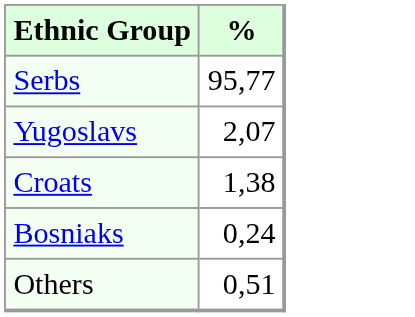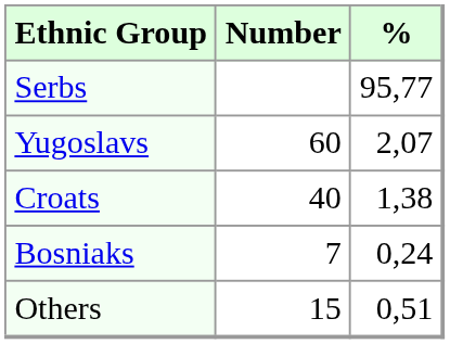 <table border="1" cellpadding="4" cellspacing="0" class="toccolours" style="align:left; margin:0.5em 0 0; border-style:solid; border:1px solid #999; border-right-width:2px; border-bottom-width:2px; border-collapse:collapse; font-size:100%;">
 <tr style="background:#dfd;">
 <td><strong>Ethnic Group</strong></td>
+<td style="text-align:center;"><strong>Number</strong></td>
 <td style="text-align:center;"><strong>%</strong></td>
 </tr>
 <tr>
 <td style="background:#f3fff3;"><a href='#'>Serbs</a></td>
+<td style="text-align:right;"></td>
 <td style="text-align:right;">95,77</td>
 </tr>
 <tr>
 <td style="background:#f3fff3;"><a href='#'>Yugoslavs</a></td>
+<td style="text-align:right;">60</td>
 <td style="text-align:right;">2,07</td>
 </tr>
 <tr>
 <td style="background:#f3fff3;"><a href='#'>Croats</a></td>
+<td style="text-align:right;">40</td>
 <td style="text-align:right;">1,38</td>
 </tr>
 <tr>
 <td style="background:#f3fff3;"><a href='#'>Bosniaks</a></td>
+<td style="text-align:right;">7</td>
 <td style="text-align:right;">0,24</td>
 </tr>
 <tr>
 <td style="background:#f3fff3;">Others</td>
+<td style="text-align:right;">15</td>
 <td style="text-align:right;">0,51</td>
 </tr>
 </table>
